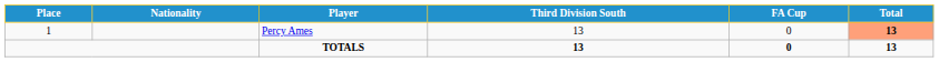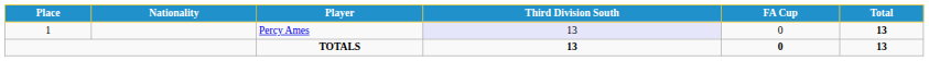 <table class="wikitable" style="text-align:center; font-size:90%; width:100%;">
 <tr>
 <th style="background:#2191CC; color:white; border:1px solid #F7C408; text-align:center;">Place</th>
 <th style="background:#2191CC; color:white; border:1px solid #F7C408; text-align:center;">Nationality</th>
 <th style="background:#2191CC; color:white; border:1px solid #F7C408; text-align:center;">Player</th>
 <th style="background:#2191CC; color:white; border:1px solid #F7C408; text-align:center;">Third Division South</th>
 <th style="background:#2191CC; color:white; border:1px solid #F7C408; text-align:center;">FA Cup</th>
 <th style="background:#2191CC; color:white; border:1px solid #F7C408; text-align:center;">Total</th>
 </tr>
 <tr>
 <td>1</td>
 <td></td>
 <td align="left"><a href='#'>Percy Ames</a></td>
-<td>13</td>
+<td style="background: lavender;">13</td>
 <td>0</td>
-<td style="background: lightsalmon;"><strong>13</strong></td>
+<td><strong>13</strong></td>
 </tr>
 <tr>
 <td colspan="2"></td>
 <td><strong>TOTALS</strong></td>
 <td><strong>13</strong></td>
 <td><strong>0</strong></td>
 <td><strong>13</strong></td>
 </tr>
 </table>
